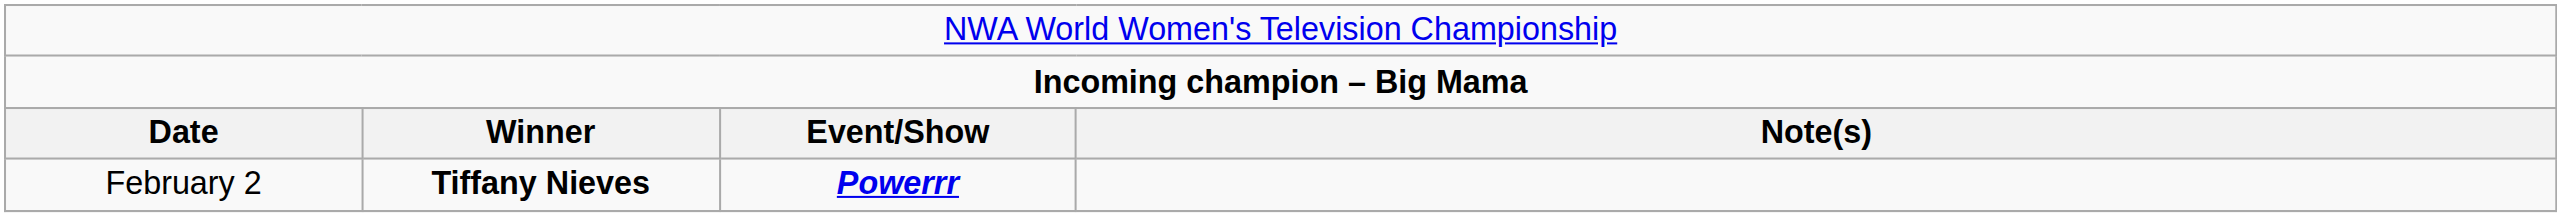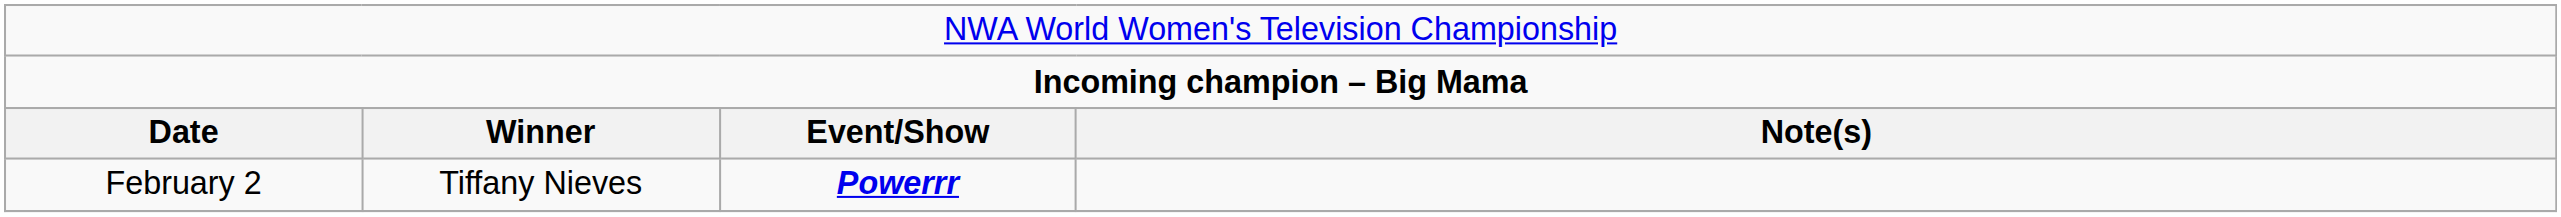 <table class="wikitable" style="text-align:center; width:100%;">
 <tr>
 <td colspan="4" style="text-align: center;"><a href='#'>NWA World Women's Television Championship</a></td>
 </tr>
 <tr>
 <td colspan="4" style="text-align: center;"><strong>Incoming champion – Big Mama</strong></td>
 </tr>
 <tr>
 <th width=14%>Date</th>
 <th width=14%>Winner</th>
 <th width=14%>Event/Show</th>
 <th width=58%>Note(s)</th>
 </tr>
 <tr>
 <td>February 2<br></td>
-<td><strong>Tiffany Nieves</strong></td>
+<td>Tiffany Nieves</td>
 <td><strong><em><a href='#'>Powerrr</a></em></strong></td>
 <td></td>
 </tr>
 <tr>
 </tr>
 </table>
